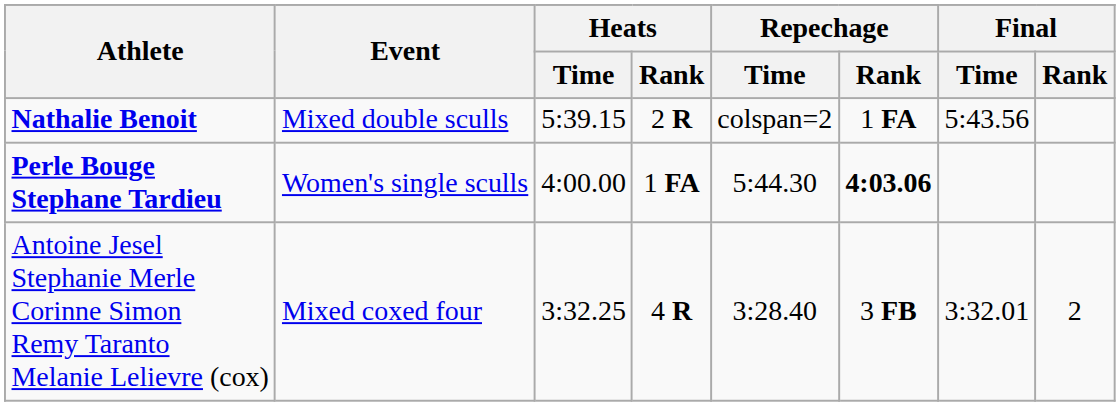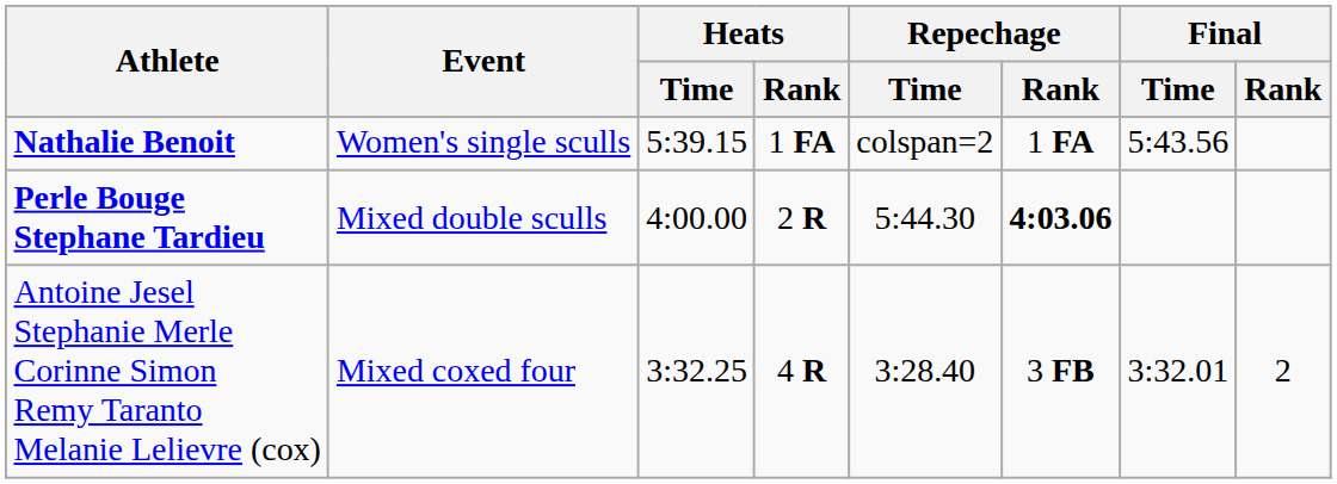 <table class=wikitable style="font-size:90%">
 <tr>
 <th rowspan="2">Athlete</th>
 <th rowspan="2">Event</th>
 <th colspan="2">Heats</th>
 <th colspan="2">Repechage</th>
 <th colspan="2">Final</th>
 </tr>
 <tr>
 <th>Time</th>
 <th>Rank</th>
 <th>Time</th>
 <th>Rank</th>
 <th>Time</th>
 <th>Rank</th>
 </tr>
 <tr align=center>
 <td align=left><strong><a href='#'>Nathalie Benoit</a></strong></td>
-<td align=left><a href='#'>Mixed double sculls</a></td>
+<td align=left><a href='#'>Women's single sculls</a></td>
 <td>5:39.15</td>
-<td>2 <strong>R</strong></td>
+<td>1 <strong>FA</strong></td>
 <td>colspan=2 </td>
 <td>1 <strong>FA</strong></td>
 <td>5:43.56</td>
 <td></td>
 </tr>
 <tr align=center>
 <td align=left><strong><a href='#'>Perle Bouge</a><br><a href='#'>Stephane Tardieu</a></strong></td>
-<td align=left><a href='#'>Women's single sculls</a></td>
+<td align=left><a href='#'>Mixed double sculls</a></td>
 <td>4:00.00</td>
-<td>1 <strong>FA</strong></td>
+<td>2 <strong>R</strong></td>
 <td>5:44.30</td>
 <td><strong>4:03.06</strong></td>
 <td></td>
 </tr>
 <tr align=center>
 <td align=left><a href='#'>Antoine Jesel</a><br><a href='#'>Stephanie Merle</a><br><a href='#'>Corinne Simon</a><br><a href='#'>Remy Taranto</a><br><a href='#'>Melanie Lelievre</a> (cox)</td>
 <td align=left><a href='#'>Mixed coxed four</a></td>
 <td>3:32.25</td>
 <td>4 <strong>R</strong></td>
 <td>3:28.40</td>
 <td>3 <strong>FB</strong></td>
 <td>3:32.01</td>
 <td>2</td>
 </tr>
 </table>
